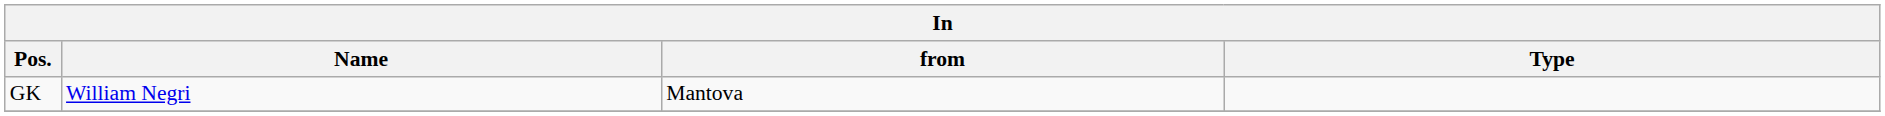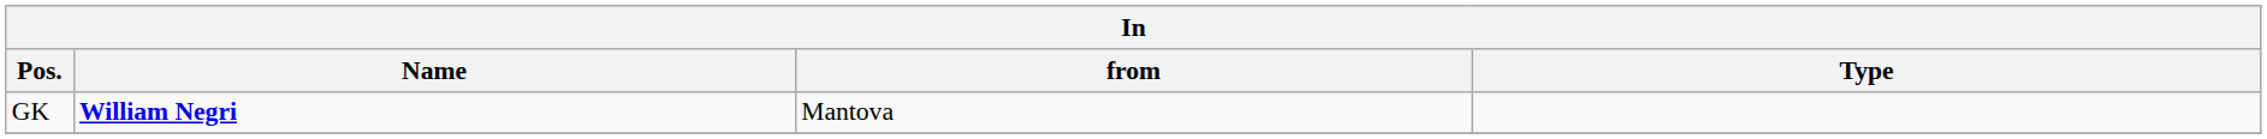 <table class="wikitable" style="font-size:90%;width:99%;">
 <tr>
 <th colspan="4">In</th>
 </tr>
 <tr>
 <th width="3%">Pos.</th>
 <th width="32%">Name</th>
 <th width="30%">from</th>
 <th width="35%">Type</th>
 </tr>
 <tr>
 <td>GK</td>
-<td><a href='#'>William Negri</a></td>
+<td><strong><a href='#'>William Negri</a></strong></td>
 <td>Mantova</td>
 <td></td>
 </tr>
 <tr>
 </tr>
 </table>
